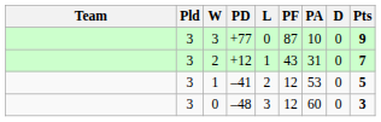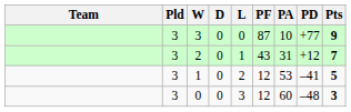 <table class="wikitable" style="text-align:center;">
 <tr>
 <th width=190>Team</th>
 <th width=20 abbr="Played">Pld</th>
 <th width=20 abbr="Won">W</th>
-<th width=25 abbr="Points difference">PD</th>
+<th width=20 abbr="Drawn">D</th>
 <th width=20 abbr="Lost">L</th>
 <th width=20 abbr="Points for">PF</th>
 <th width=20 abbr="Points against">PA</th>
-<th width=20 abbr="Drawn">D</th>
+<th width=25 abbr="Points difference">PD</th>
 <th width=20 abbr="Points">Pts</th>
 </tr>
 <tr style="background:#ccffcc">
 <td align=left></td>
 <td>3</td>
 <td>3</td>
-<td>+77</td>
+<td>0</td>
 <td>0</td>
 <td>87</td>
 <td>10</td>
-<td>0</td>
+<td>+77</td>
 <td><strong>9</strong></td>
 </tr>
 <tr style="background:#ccffcc">
 <td align=left></td>
 <td>3</td>
 <td>2</td>
-<td>+12</td>
+<td>0</td>
 <td>1</td>
 <td>43</td>
 <td>31</td>
-<td>0</td>
+<td>+12</td>
 <td><strong>7</strong></td>
 </tr>
 <tr>
 <td align=left></td>
 <td>3</td>
 <td>1</td>
-<td>–41</td>
+<td>0</td>
 <td>2</td>
 <td>12</td>
 <td>53</td>
-<td>0</td>
+<td>–41</td>
 <td><strong>5</strong></td>
 </tr>
 <tr>
 <td align=left></td>
 <td>3</td>
 <td>0</td>
-<td>–48</td>
+<td>0</td>
 <td>3</td>
 <td>12</td>
 <td>60</td>
-<td>0</td>
+<td>–48</td>
 <td><strong>3</strong></td>
 </tr>
 </table>
